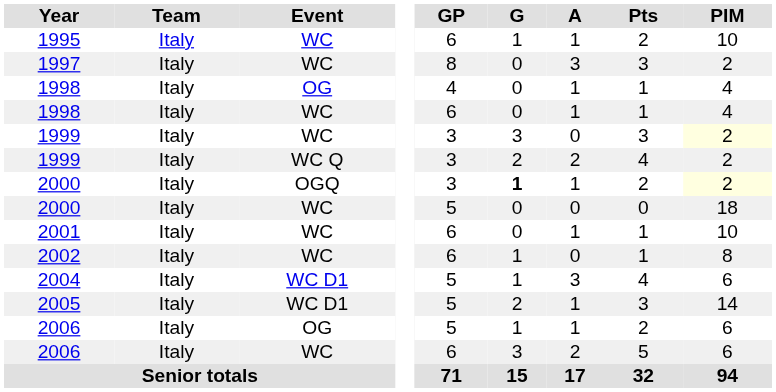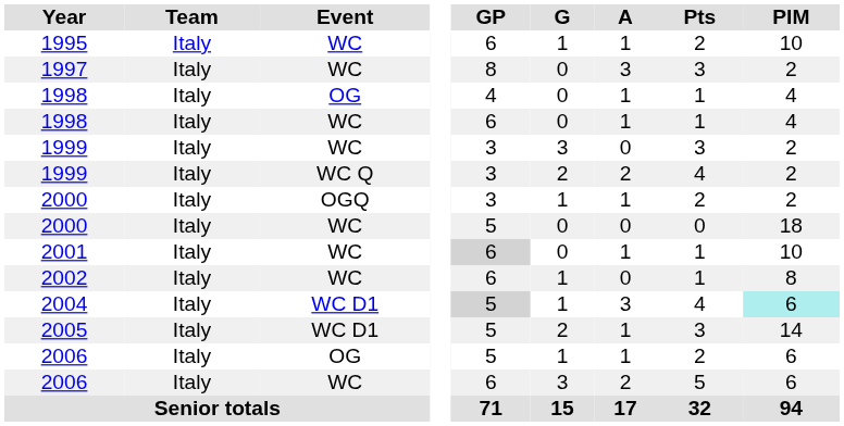 <table border="0" cellpadding="1" cellspacing="0" style="text-align:center; width:40em">
 <tr ALIGN="center" bgcolor="#e0e0e0">
 <th>Year</th>
 <th>Team</th>
 <th>Event</th>
 <th ALIGN="center" rowspan="99" bgcolor="#ffffff"> </th>
 <th>GP</th>
 <th>G</th>
 <th>A</th>
 <th>Pts</th>
 <th>PIM</th>
 </tr>
 <tr>
 <td><a href='#'>1995</a></td>
 <td><a href='#'>Italy</a></td>
 <td><a href='#'>WC</a></td>
 <td>6</td>
 <td>1</td>
 <td>1</td>
 <td>2</td>
 <td>10</td>
 </tr>
 <tr bgcolor="#f0f0f0">
 <td><a href='#'>1997</a></td>
 <td>Italy</td>
 <td>WC</td>
 <td>8</td>
 <td>0</td>
 <td>3</td>
 <td>3</td>
 <td>2</td>
 </tr>
 <tr>
 <td><a href='#'>1998</a></td>
 <td>Italy</td>
 <td><a href='#'>OG</a></td>
 <td>4</td>
 <td>0</td>
 <td>1</td>
 <td>1</td>
 <td>4</td>
 </tr>
 <tr bgcolor="#f0f0f0">
 <td><a href='#'>1998</a></td>
 <td>Italy</td>
 <td>WC</td>
 <td>6</td>
 <td>0</td>
 <td>1</td>
 <td>1</td>
 <td>4</td>
 </tr>
 <tr>
 <td><a href='#'>1999</a></td>
 <td>Italy</td>
 <td>WC</td>
 <td>3</td>
 <td>3</td>
 <td>0</td>
 <td>3</td>
-<td style="background: lightyellow;">2</td>
+<td>2</td>
 </tr>
 <tr bgcolor="#f0f0f0">
 <td><a href='#'>1999</a></td>
 <td>Italy</td>
 <td>WC Q</td>
 <td>3</td>
 <td>2</td>
 <td>2</td>
 <td>4</td>
 <td>2</td>
 </tr>
 <tr>
 <td><a href='#'>2000</a></td>
 <td>Italy</td>
 <td>OGQ</td>
 <td>3</td>
-<td><strong>1</strong></td>
+<td>1</td>
 <td>1</td>
 <td>2</td>
-<td style="background: lightyellow;">2</td>
+<td>2</td>
 </tr>
 <tr bgcolor="#f0f0f0">
 <td><a href='#'>2000</a></td>
 <td>Italy</td>
 <td>WC</td>
 <td>5</td>
 <td>0</td>
 <td>0</td>
 <td>0</td>
 <td>18</td>
 </tr>
 <tr>
 <td><a href='#'>2001</a></td>
 <td>Italy</td>
 <td>WC</td>
-<td>6</td>
+<td style="background: lightgrey;">6</td>
 <td>0</td>
 <td>1</td>
 <td>1</td>
 <td>10</td>
 </tr>
 <tr bgcolor="#f0f0f0">
 <td><a href='#'>2002</a></td>
 <td>Italy</td>
 <td>WC</td>
 <td>6</td>
 <td>1</td>
 <td>0</td>
 <td>1</td>
 <td>8</td>
 </tr>
 <tr>
 <td><a href='#'>2004</a></td>
 <td>Italy</td>
 <td><a href='#'>WC D1</a></td>
-<td>5</td>
+<td style="background: lightgrey;">5</td>
 <td>1</td>
 <td>3</td>
 <td>4</td>
-<td>6</td>
+<td style="background: paleturquoise;">6</td>
 </tr>
 <tr bgcolor="#f0f0f0">
 <td><a href='#'>2005</a></td>
 <td>Italy</td>
 <td>WC D1</td>
 <td>5</td>
 <td>2</td>
 <td>1</td>
 <td>3</td>
 <td>14</td>
 </tr>
 <tr>
 <td><a href='#'>2006</a></td>
 <td>Italy</td>
 <td>OG</td>
 <td>5</td>
 <td>1</td>
 <td>1</td>
 <td>2</td>
 <td>6</td>
 </tr>
 <tr bgcolor="#f0f0f0">
 <td><a href='#'>2006</a></td>
 <td>Italy</td>
 <td>WC</td>
 <td>6</td>
 <td>3</td>
 <td>2</td>
 <td>5</td>
 <td>6</td>
 </tr>
 <tr bgcolor="#e0e0e0">
 <th colspan="3">Senior totals</th>
 <th>71</th>
 <th>15</th>
 <th>17</th>
 <th>32</th>
 <th>94</th>
 </tr>
 </table>
